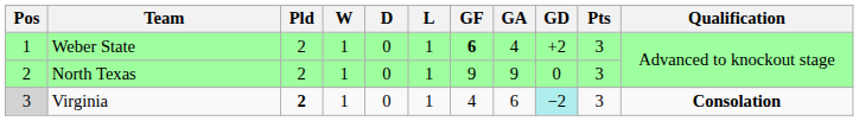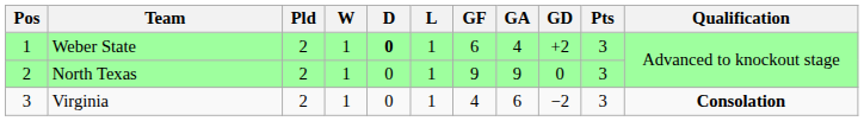 <table class="wikitable" style="text-align:center; margin: 1em auto">
 <tr>
 <th style="width:2em">Pos</th>
 <th style="width:13em">Team</th>
 <th style="width:2em">Pld</th>
 <th style="width:2em">W</th>
 <th style="width:2em">D</th>
 <th style="width:2em">L</th>
 <th style="width:2em">GF</th>
 <th style="width:2em">GA</th>
 <th style="width:2em">GD</th>
 <th style="width:2em">Pts</th>
 <th style="width:13em">Qualification</th>
 </tr>
 <tr bgcolor="#9eff9e">
 <td>1</td>
 <td style="text-align:left">Weber State</td>
 <td>2</td>
 <td>1</td>
-<td>0</td>
+<td><strong>0</strong></td>
 <td>1</td>
-<td><strong>6</strong></td>
+<td>6</td>
 <td>4</td>
 <td>+2</td>
 <td>3</td>
 <td rowspan="2">Advanced to knockout stage</td>
 </tr>
 <tr bgcolor="#9eff9e">
 <td>2</td>
 <td style="text-align:left">North Texas</td>
 <td>2</td>
 <td>1</td>
 <td>0</td>
 <td>1</td>
 <td>9</td>
 <td>9</td>
 <td>0</td>
 <td>3</td>
 </tr>
 <tr>
-<td style="background: lightgrey;">3</td>
+<td>3</td>
 <td style="text-align:left">Virginia</td>
-<td><strong>2</strong></td>
+<td>2</td>
 <td>1</td>
 <td>0</td>
 <td>1</td>
 <td>4</td>
 <td>6</td>
-<td style="background: paleturquoise;">−2</td>
+<td>−2</td>
 <td>3</td>
 <td><strong>Consolation</strong></td>
 </tr>
 </table>
